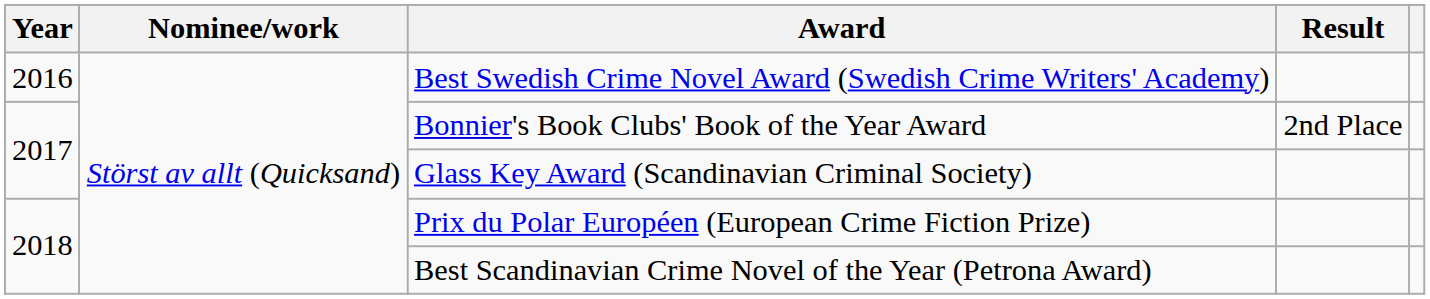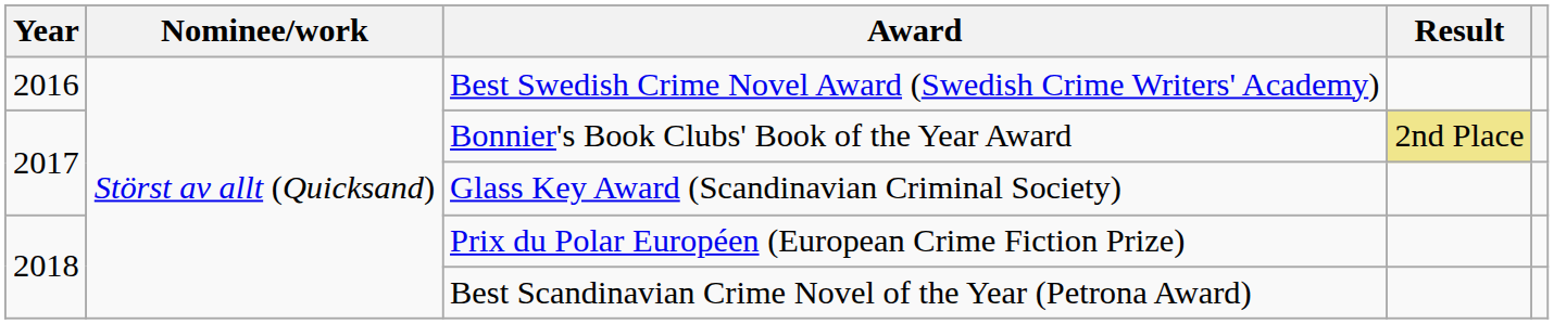 <table class="wikitable">
 <tr>
 <th>Year</th>
 <th>Nominee/work</th>
 <th>Award</th>
 <th>Result</th>
 <th></th>
 </tr>
 <tr>
 <td>2016</td>
 <td rowspan="5" style="text-align: center;"><em><a href='#'>Störst av allt</a></em> (<em>Quicksand</em>)</td>
 <td><a href='#'>Best Swedish Crime Novel Award</a> (<a href='#'>Swedish Crime Writers' Academy</a>)</td>
 <td></td>
 <td style="text-align: center;"></td>
 </tr>
 <tr>
 <td rowspan="2">2017</td>
 <td><a href='#'>Bonnier</a>'s Book Clubs' Book of the Year Award</td>
-<td style="text-align: center;">2nd Place</td>
+<td style="background: khaki; text-align: center;">2nd Place</td>
 <td></td>
 </tr>
 <tr>
 <td><a href='#'>Glass Key Award</a> (Scandinavian Criminal Society)</td>
 <td></td>
 <td style="text-align: center;"></td>
 </tr>
 <tr>
 <td rowspan="2">2018</td>
 <td><a href='#'>Prix du Polar Européen</a> (European Crime Fiction Prize)</td>
 <td></td>
 <td style="text-align: center;"></td>
 </tr>
 <tr>
 <td>Best Scandinavian Crime Novel of the Year (Petrona Award)</td>
 <td></td>
 <td style="text-align: center;"></td>
 </tr>
 </table>
